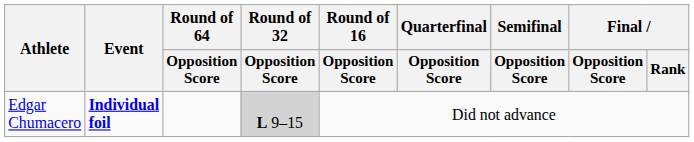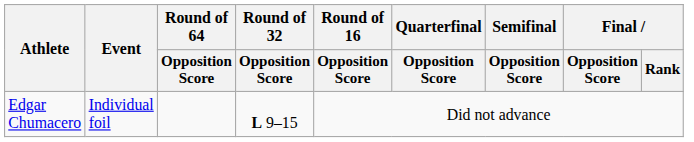 <table class="wikitable" style="font-size:90%">
 <tr>
 <th rowspan="2">Athlete</th>
 <th rowspan="2">Event</th>
 <th>Round of 64</th>
 <th>Round of 32</th>
 <th>Round of 16</th>
 <th>Quarterfinal</th>
 <th>Semifinal</th>
 <th colspan=2>Final / </th>
 </tr>
 <tr style="font-size:95%">
 <th>Opposition <br> Score</th>
 <th>Opposition <br> Score</th>
 <th>Opposition <br> Score</th>
 <th>Opposition <br> Score</th>
 <th>Opposition <br> Score</th>
 <th>Opposition <br> Score</th>
 <th>Rank</th>
 </tr>
 <tr align=center>
 <td align=left><a href='#'>Edgar Chumacero</a></td>
-<td align=left><strong><a href='#'>Individual foil</a></strong></td>
+<td align=left><a href='#'>Individual foil</a></td>
 <td></td>
-<td style="background: lightgrey;"><br><strong>L</strong> 9–15</td>
+<td><br><strong>L</strong> 9–15</td>
 <td colspan=5>Did not advance</td>
 </tr>
 </table>
